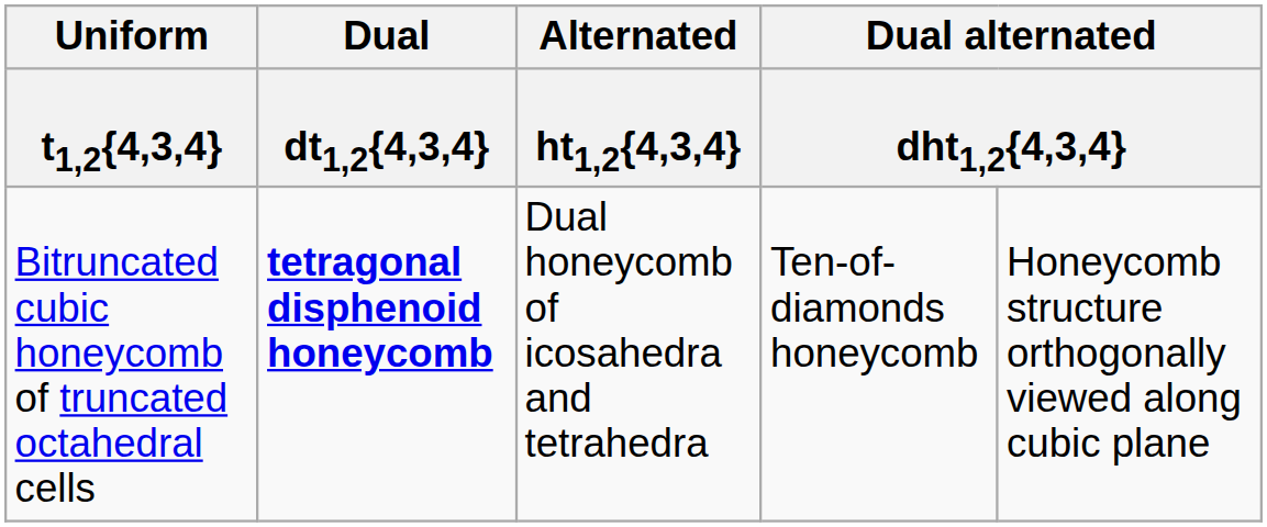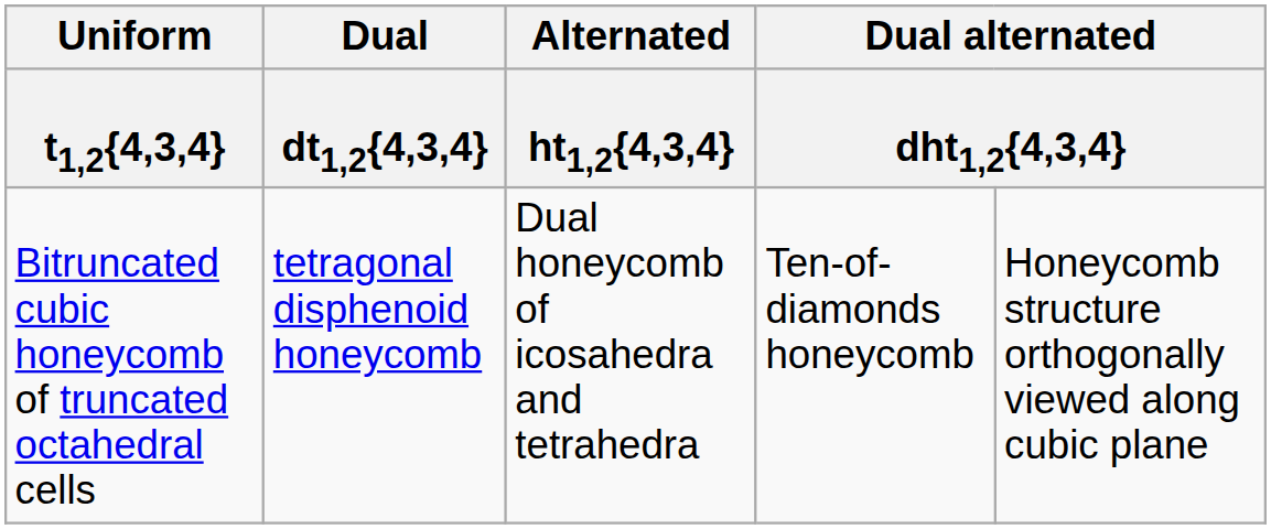 <table class=wikitable width=500>
 <tr>
 <th>Uniform</th>
 <th>Dual</th>
 <th>Alternated</th>
 <th colspan=2>Dual alternated</th>
 </tr>
 <tr>
 <th><br>t<sub>1,2</sub>{4,3,4}</th>
 <th><br>dt<sub>1,2</sub>{4,3,4}</th>
 <th><br>ht<sub>1,2</sub>{4,3,4}</th>
 <th colspan=2><br>dht<sub>1,2</sub>{4,3,4}</th>
 </tr>
 <tr valign=top>
 <td><br><a href='#'>Bitruncated cubic honeycomb</a> of <a href='#'>truncated octahedral</a> cells</td>
-<td><strong><br><a href='#'>tetragonal disphenoid honeycomb</a></strong></td>
+<td><br><a href='#'>tetragonal disphenoid honeycomb</a></td>
 <td>Dual honeycomb of icosahedra and tetrahedra</td>
 <td><br>Ten-of-diamonds honeycomb</td>
 <td><br>Honeycomb structure orthogonally viewed along cubic plane</td>
 </tr>
 </table>
